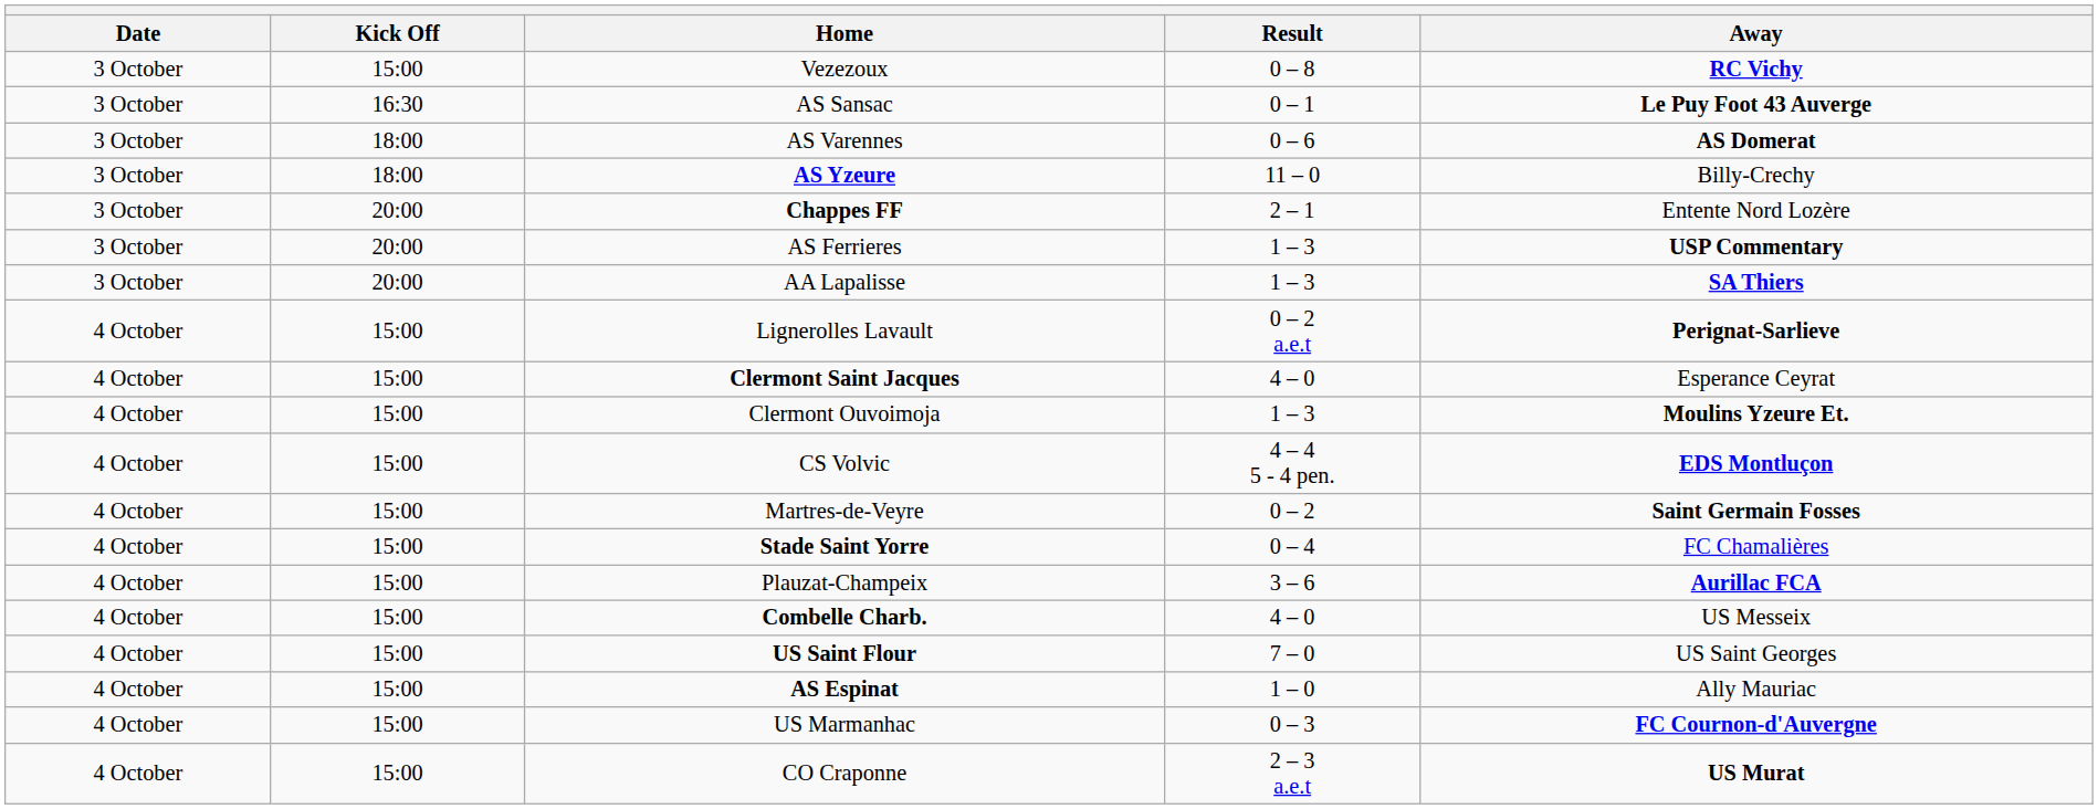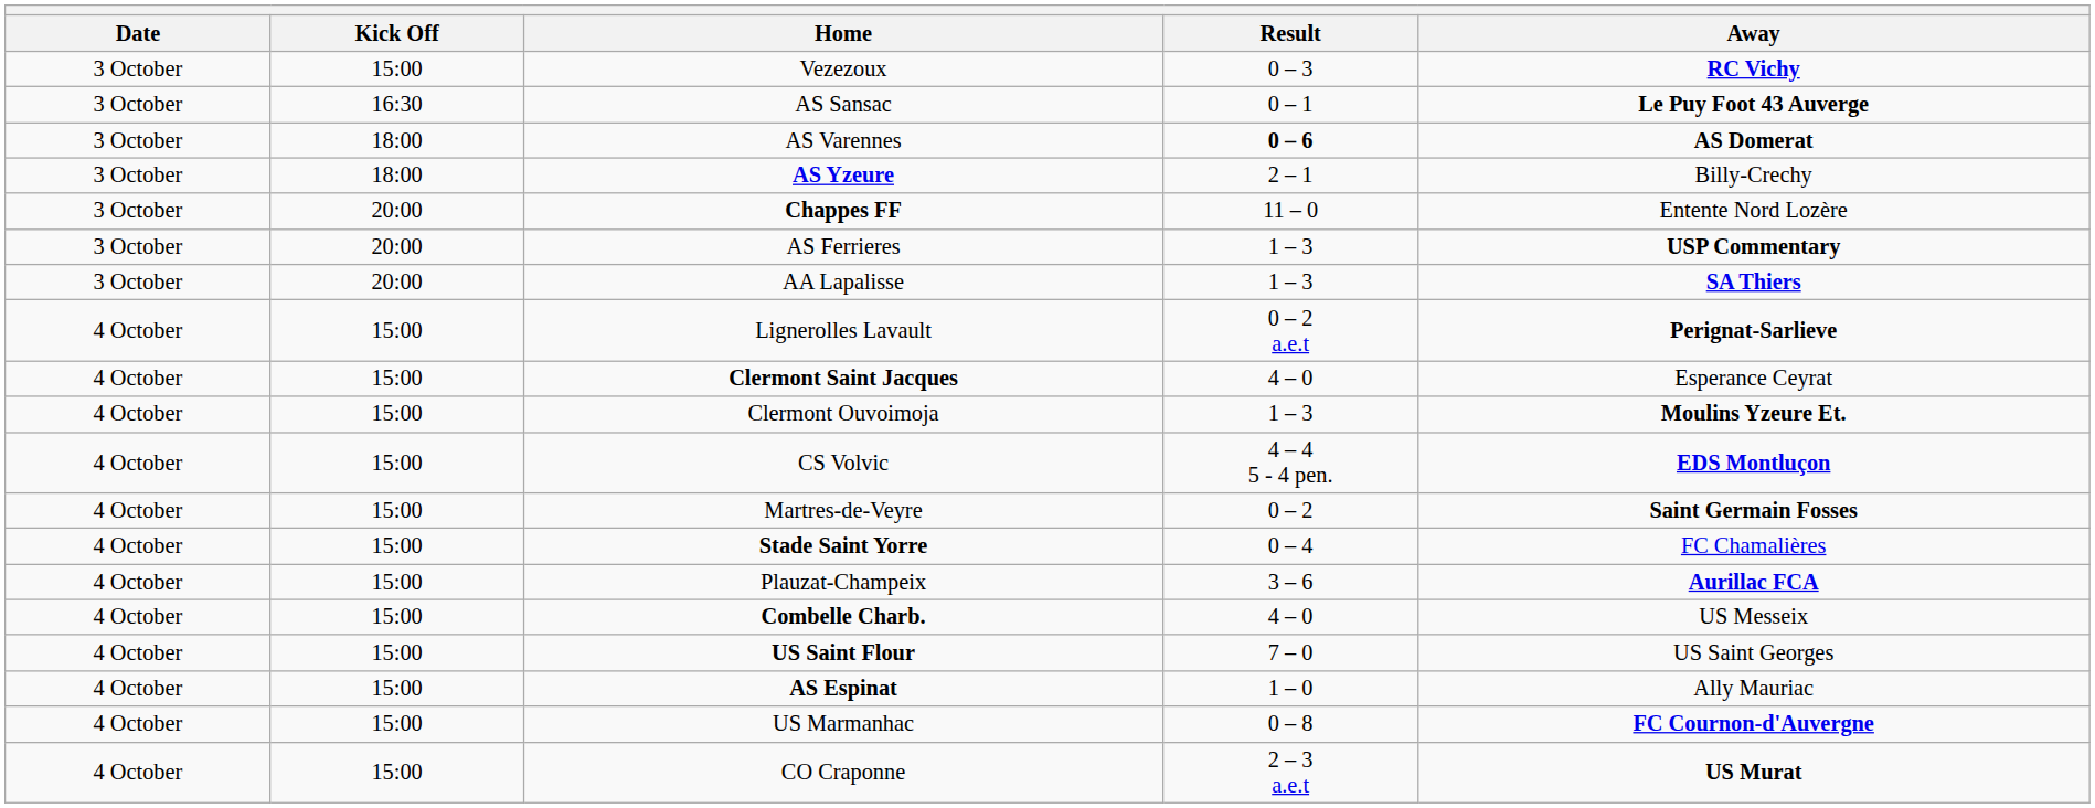 <table class="wikitable collapsible collapsed" style="font-size: 100%; margin:0px;" width="75%">
 <tr>
 <th colspan="7" style="text-align:left;"></th>
 </tr>
 <tr>
 <th><strong>Date</strong></th>
 <th><strong>Kick Off</strong></th>
 <th><strong>Home</strong></th>
 <th><strong>Result</strong></th>
 <th><strong>Away</strong></th>
 </tr>
 <tr>
 <td align=center>3 October</td>
 <td align=center>15:00</td>
 <td align=center>Vezezoux</td>
-<td align=center>0 – 8</td>
+<td align=center>0 – 3</td>
 <td align=center><strong><a href='#'>RC Vichy</a></strong></td>
 </tr>
 <tr>
 <td align=center>3 October</td>
 <td align=center>16:30</td>
 <td align=center>AS Sansac</td>
 <td align=center>0 – 1</td>
 <td align=center><strong>Le Puy Foot 43 Auverge</strong></td>
 </tr>
 <tr>
 <td align=center>3 October</td>
 <td align=center>18:00</td>
 <td align=center>AS Varennes</td>
-<td align=center>0 – 6</td>
+<td align=center><strong>0 – 6</strong></td>
 <td align=center><strong>AS Domerat</strong></td>
 </tr>
 <tr>
 <td align=center>3 October</td>
 <td align=center>18:00</td>
 <td align=center><strong><a href='#'>AS Yzeure</a></strong></td>
-<td align=center>11 – 0</td>
+<td align=center>2 – 1</td>
 <td align=center>Billy-Crechy</td>
 </tr>
 <tr>
 <td align=center>3 October</td>
 <td align=center>20:00</td>
 <td align=center><strong>Chappes FF</strong></td>
-<td align=center>2 – 1</td>
+<td align=center>11 – 0</td>
 <td align=center>Entente Nord Lozère</td>
 </tr>
 <tr>
 <td align=center>3 October</td>
 <td align=center>20:00</td>
 <td align=center>AS Ferrieres</td>
 <td align=center>1 – 3</td>
 <td align=center><strong>USP Commentary</strong></td>
 </tr>
 <tr>
 <td align=center>3 October</td>
 <td align=center>20:00</td>
 <td align=center>AA Lapalisse</td>
 <td align=center>1 – 3</td>
 <td align=center><strong><a href='#'>SA Thiers</a></strong></td>
 </tr>
 <tr>
 <td align=center>4 October</td>
 <td align=center>15:00</td>
 <td align=center>Lignerolles Lavault</td>
 <td align=center>0 – 2 <br> <a href='#'>a.e.t</a></td>
 <td align=center><strong>Perignat-Sarlieve</strong></td>
 </tr>
 <tr>
 <td align=center>4 October</td>
 <td align=center>15:00</td>
 <td align=center><strong>Clermont Saint Jacques</strong></td>
 <td align=center>4 – 0</td>
 <td align=center>Esperance Ceyrat</td>
 </tr>
 <tr>
 <td align=center>4 October</td>
 <td align=center>15:00</td>
 <td align=center>Clermont Ouvoimoja</td>
 <td align=center>1 – 3</td>
 <td align=center><strong>Moulins Yzeure Et.</strong></td>
 </tr>
 <tr>
 <td align=center>4 October</td>
 <td align=center>15:00</td>
 <td align=center>CS Volvic</td>
 <td align=center>4 – 4 <br> 5 - 4 pen.</td>
 <td align=center><strong><a href='#'>EDS Montluçon</a></strong></td>
 </tr>
 <tr>
 <td align=center>4 October</td>
 <td align=center>15:00</td>
 <td align=center>Martres-de-Veyre</td>
 <td align=center>0 – 2</td>
 <td align=center><strong>Saint Germain Fosses</strong></td>
 </tr>
 <tr>
 <td align=center>4 October</td>
 <td align=center>15:00</td>
 <td align=center><strong>Stade Saint Yorre</strong></td>
 <td align=center>0 – 4</td>
 <td align=center><a href='#'>FC Chamalières</a></td>
 </tr>
 <tr>
 <td align=center>4 October</td>
 <td align=center>15:00</td>
 <td align=center>Plauzat-Champeix</td>
 <td align=center>3 – 6</td>
 <td align=center><strong><a href='#'>Aurillac FCA</a></strong></td>
 </tr>
 <tr>
 <td align=center>4 October</td>
 <td align=center>15:00</td>
 <td align=center><strong>Combelle Charb.</strong></td>
 <td align=center>4 – 0</td>
 <td align=center>US Messeix</td>
 </tr>
 <tr>
 <td align=center>4 October</td>
 <td align=center>15:00</td>
 <td align=center><strong>US Saint Flour</strong></td>
 <td align=center>7 – 0</td>
 <td align=center>US Saint Georges</td>
 </tr>
 <tr>
 <td align=center>4 October</td>
 <td align=center>15:00</td>
 <td align=center><strong>AS Espinat</strong></td>
 <td align=center>1 – 0</td>
 <td align=center>Ally Mauriac</td>
 </tr>
 <tr>
 <td align=center>4 October</td>
 <td align=center>15:00</td>
 <td align=center>US Marmanhac</td>
-<td align=center>0 – 3</td>
+<td align=center>0 – 8</td>
 <td align=center><strong><a href='#'>FC Cournon-d'Auvergne</a></strong></td>
 </tr>
 <tr>
 <td align=center>4 October</td>
 <td align=center>15:00</td>
 <td align=center>CO Craponne</td>
 <td align=center>2 – 3 <br> <a href='#'>a.e.t</a></td>
 <td align=center><strong>US Murat</strong></td>
 </tr>
 </table>
